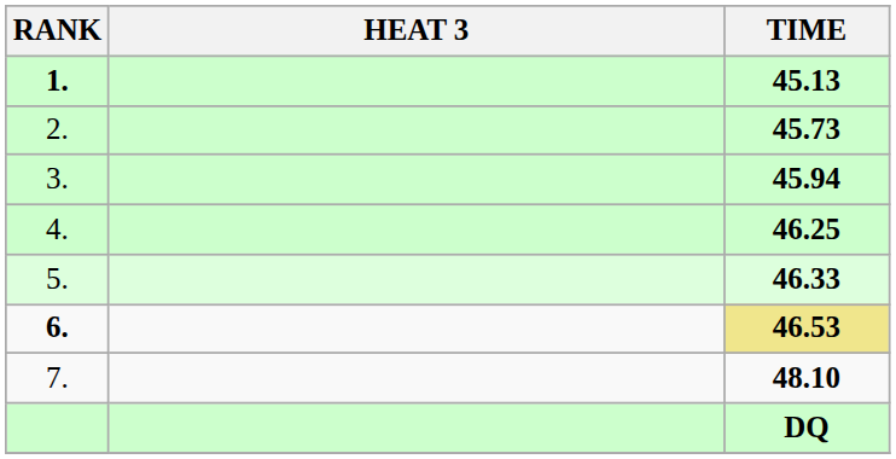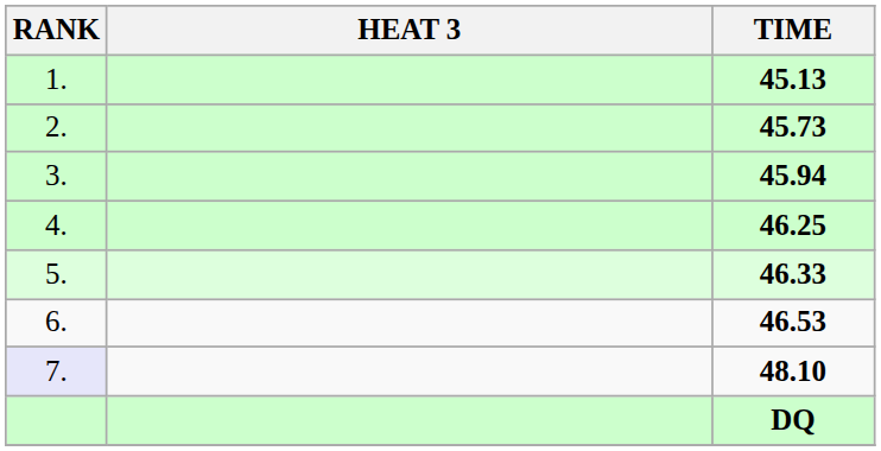 <table class="wikitable" style="border-collapse: collapse; font-size: 90%;">
 <tr>
 <th>RANK</th>
 <th style="width: 20em">HEAT 3</th>
 <th style="width: 5em">TIME</th>
 </tr>
 <tr style="background:#ccffcc;">
-<td align="center"><strong>1.</strong></td>
+<td align="center">1.</td>
 <td></td>
 <td align="center"><strong>45.13</strong></td>
 </tr>
 <tr style="background:#ccffcc;">
 <td align="center">2.</td>
 <td></td>
 <td align="center"><strong>45.73</strong></td>
 </tr>
 <tr style="background:#ccffcc;">
 <td align="center">3.</td>
 <td></td>
 <td align="center"><strong>45.94</strong></td>
 </tr>
 <tr style="background:#ccffcc;">
 <td align="center">4.</td>
 <td></td>
 <td align="center"><strong>46.25</strong></td>
 </tr>
 <tr style="background:#ddffdd;">
 <td align="center">5.</td>
 <td></td>
 <td align="center"><strong>46.33</strong></td>
 </tr>
 <tr>
-<td align="center"><strong>6.</strong></td>
+<td align="center">6.</td>
 <td></td>
-<td align="center" style="background: khaki;"><strong>46.53</strong></td>
+<td align="center"><strong>46.53</strong></td>
 </tr>
 <tr>
-<td align="center">7.</td>
+<td align="center" style="background: lavender;">7.</td>
 <td></td>
 <td align="center"><strong>48.10</strong></td>
 </tr>
 <tr style="background:#ccffcc;">
 <td align="center"></td>
 <td></td>
 <td align="center"><strong>DQ</strong></td>
 </tr>
 <tr>
 </tr>
 </table>
